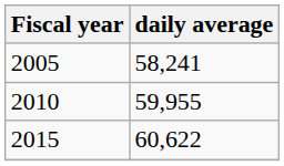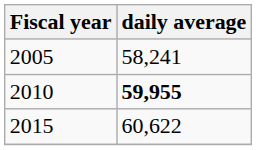 <table class="wikitable">
 <tr>
 <th>Fiscal year</th>
 <th>daily average</th>
 </tr>
 <tr>
 <td>2005</td>
 <td>58,241</td>
 </tr>
 <tr>
 <td>2010</td>
-<td>59,955</td>
+<td><strong>59,955</strong></td>
 </tr>
 <tr>
 <td>2015</td>
 <td>60,622</td>
 </tr>
 <tr>
 </tr>
 </table>
